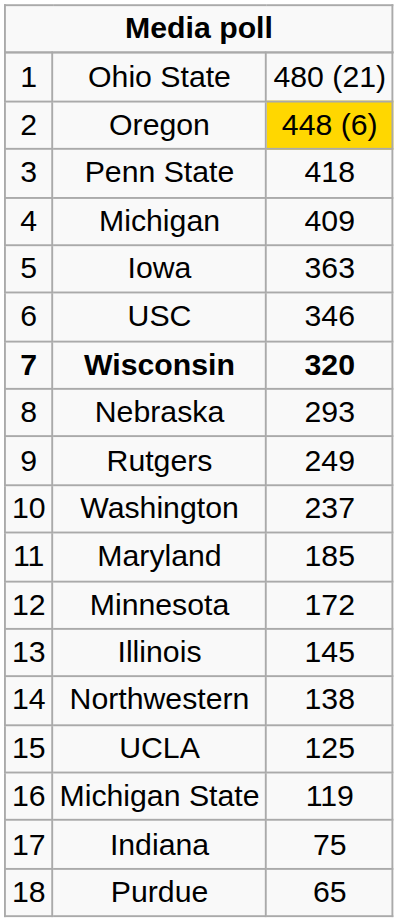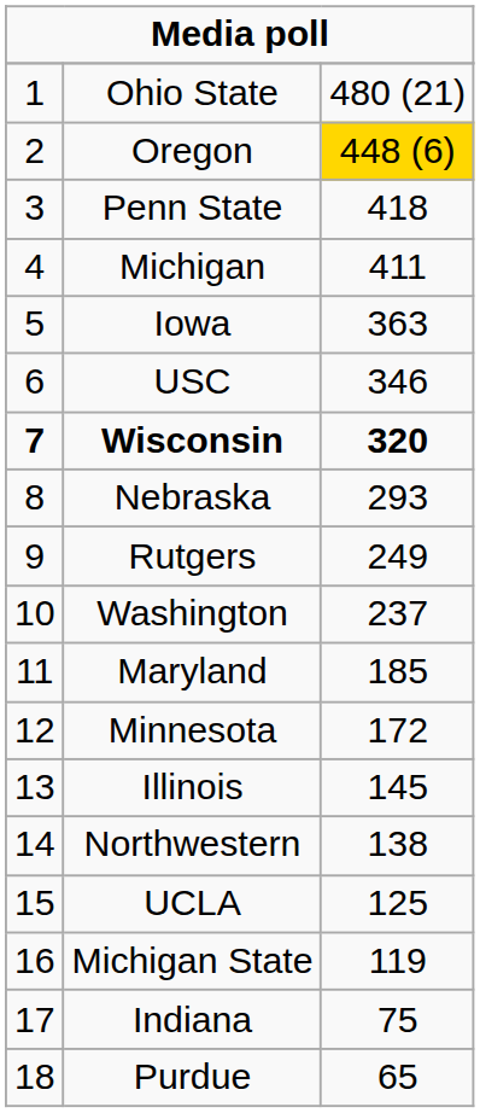 <table class="wikitable" style="display: inline-table;">
 <tr>
 <td style="text-align:center" Colspan="3"><strong>Media poll</strong></td>
 </tr>
 <tr style="text-align:center">
 </tr>
 <tr style="text-align:center">
 <td>1</td>
 <td>Ohio State</td>
 <td>480 (21)</td>
 </tr>
 <tr style="text-align:center">
 <td>2</td>
 <td>Oregon</td>
 <td style="background: gold;">448 (6)</td>
 </tr>
 <tr style="text-align:center">
 <td>3</td>
 <td>Penn State</td>
 <td>418</td>
 </tr>
 <tr style="text-align:center">
 <td>4</td>
 <td>Michigan</td>
-<td>409</td>
+<td>411</td>
 </tr>
 <tr style="text-align:center">
 <td>5</td>
 <td>Iowa</td>
 <td>363</td>
 </tr>
 <tr style="text-align:center">
 <td>6</td>
 <td>USC</td>
 <td>346</td>
 </tr>
 <tr style="text-align:center">
 <td><strong>7</strong></td>
 <td><strong>Wisconsin</strong></td>
 <td><strong>320</strong></td>
 </tr>
 <tr style="text-align:center">
 <td>8</td>
 <td>Nebraska</td>
 <td>293</td>
 </tr>
 <tr style="text-align:center">
 <td>9</td>
 <td>Rutgers</td>
 <td>249</td>
 </tr>
 <tr style="text-align:center">
 <td>10</td>
 <td>Washington</td>
 <td>237</td>
 </tr>
 <tr style="text-align:center">
 <td>11</td>
 <td>Maryland</td>
 <td>185</td>
 </tr>
 <tr style="text-align:center">
 <td>12</td>
 <td>Minnesota</td>
 <td>172</td>
 </tr>
 <tr style="text-align:center">
 <td>13</td>
 <td>Illinois</td>
 <td>145</td>
 </tr>
 <tr style="text-align:center">
 <td>14</td>
 <td>Northwestern</td>
 <td>138</td>
 </tr>
 <tr style="text-align:center">
 <td>15</td>
 <td>UCLA</td>
 <td>125</td>
 </tr>
 <tr style="text-align:center">
 <td>16</td>
 <td>Michigan State</td>
 <td>119</td>
 </tr>
 <tr style="text-align:center">
 <td>17</td>
 <td>Indiana</td>
 <td>75</td>
 </tr>
 <tr style="text-align:center">
 <td>18</td>
 <td>Purdue</td>
 <td>65</td>
 </tr>
 </table>
